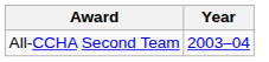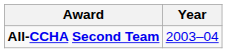 <table class="wikitable">
 <tr>
 <th>Award</th>
 <th>Year</th>
 </tr>
 <tr>
-<td>All-<a href='#'>CCHA</a> <a href='#'>Second Team</a></td>
+<td><strong>All-<a href='#'>CCHA</a> <a href='#'>Second Team</a></strong></td>
 <td><a href='#'>2003–04</a></td>
 </tr>
 </table>
